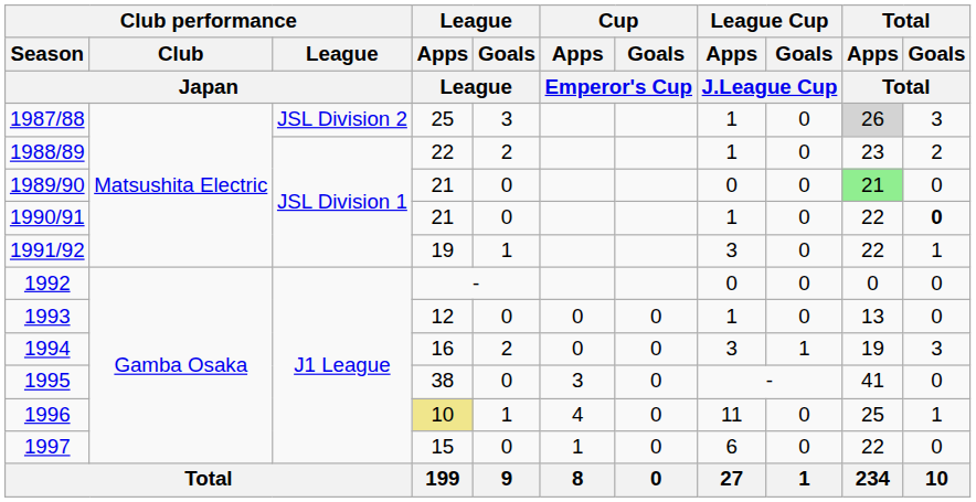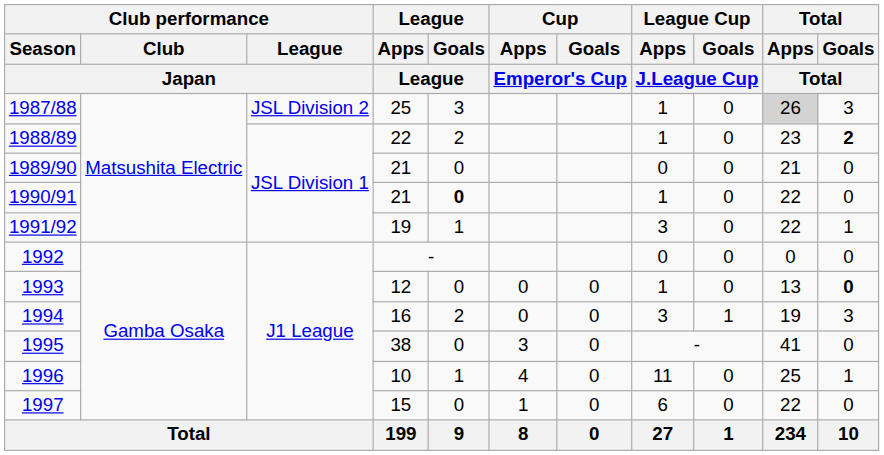 <table class="wikitable" style="text-align:center;">
 <tr>
 <th colspan=3>Club performance</th>
 <th colspan=2>League</th>
 <th colspan=2>Cup</th>
 <th colspan=2>League Cup</th>
 <th colspan=2>Total</th>
 </tr>
 <tr>
 <th>Season</th>
 <th>Club</th>
 <th>League</th>
 <th>Apps</th>
 <th>Goals</th>
 <th>Apps</th>
 <th>Goals</th>
 <th>Apps</th>
 <th>Goals</th>
 <th>Apps</th>
 <th>Goals</th>
 </tr>
 <tr>
 <th colspan=3>Japan</th>
 <th colspan=2>League</th>
 <th colspan=2><a href='#'>Emperor's Cup</a></th>
 <th colspan=2><a href='#'>J.League Cup</a></th>
 <th colspan=2>Total</th>
 </tr>
 <tr>
 <td><a href='#'>1987/88</a></td>
 <td rowspan="5"><a href='#'>Matsushita Electric</a></td>
 <td><a href='#'>JSL Division 2</a></td>
 <td>25</td>
 <td>3</td>
 <td></td>
 <td></td>
 <td>1</td>
 <td>0</td>
 <td style="background: lightgrey;">26</td>
 <td>3</td>
 </tr>
 <tr>
 <td><a href='#'>1988/89</a></td>
 <td rowspan="4"><a href='#'>JSL Division 1</a></td>
 <td>22</td>
 <td>2</td>
 <td></td>
 <td></td>
 <td>1</td>
 <td>0</td>
 <td>23</td>
-<td>2</td>
+<td><strong>2</strong></td>
 </tr>
 <tr>
 <td><a href='#'>1989/90</a></td>
 <td>21</td>
 <td>0</td>
 <td></td>
 <td></td>
 <td>0</td>
 <td>0</td>
-<td style="background: lightgreen;">21</td>
+<td>21</td>
 <td>0</td>
 </tr>
 <tr>
 <td><a href='#'>1990/91</a></td>
 <td>21</td>
-<td>0</td>
+<td><strong>0</strong></td>
 <td></td>
 <td></td>
 <td>1</td>
 <td>0</td>
 <td>22</td>
-<td><strong>0</strong></td>
+<td>0</td>
 </tr>
 <tr>
 <td><a href='#'>1991/92</a></td>
 <td>19</td>
 <td>1</td>
 <td></td>
 <td></td>
 <td>3</td>
 <td>0</td>
 <td>22</td>
 <td>1</td>
 </tr>
 <tr>
 <td><a href='#'>1992</a></td>
 <td rowspan="6"><a href='#'>Gamba Osaka</a></td>
 <td rowspan="6"><a href='#'>J1 League</a></td>
 <td colspan="2">-</td>
 <td></td>
 <td></td>
 <td>0</td>
 <td>0</td>
 <td>0</td>
 <td>0</td>
 </tr>
 <tr>
 <td><a href='#'>1993</a></td>
 <td>12</td>
 <td>0</td>
 <td>0</td>
 <td>0</td>
 <td>1</td>
 <td>0</td>
 <td>13</td>
-<td>0</td>
+<td><strong>0</strong></td>
 </tr>
 <tr>
 <td><a href='#'>1994</a></td>
 <td>16</td>
 <td>2</td>
 <td>0</td>
 <td>0</td>
 <td>3</td>
 <td>1</td>
 <td>19</td>
 <td>3</td>
 </tr>
 <tr>
 <td><a href='#'>1995</a></td>
 <td>38</td>
 <td>0</td>
 <td>3</td>
 <td>0</td>
 <td colspan="2">-</td>
 <td>41</td>
 <td>0</td>
 </tr>
 <tr>
 <td><a href='#'>1996</a></td>
-<td style="background: khaki;">10</td>
+<td>10</td>
 <td>1</td>
 <td>4</td>
 <td>0</td>
 <td>11</td>
 <td>0</td>
 <td>25</td>
 <td>1</td>
 </tr>
 <tr>
 <td><a href='#'>1997</a></td>
 <td>15</td>
 <td>0</td>
 <td>1</td>
 <td>0</td>
 <td>6</td>
 <td>0</td>
 <td>22</td>
 <td>0</td>
 </tr>
 <tr>
 <th colspan=3>Total</th>
 <th>199</th>
 <th>9</th>
 <th>8</th>
 <th>0</th>
 <th>27</th>
 <th>1</th>
 <th>234</th>
 <th>10</th>
 </tr>
 </table>
